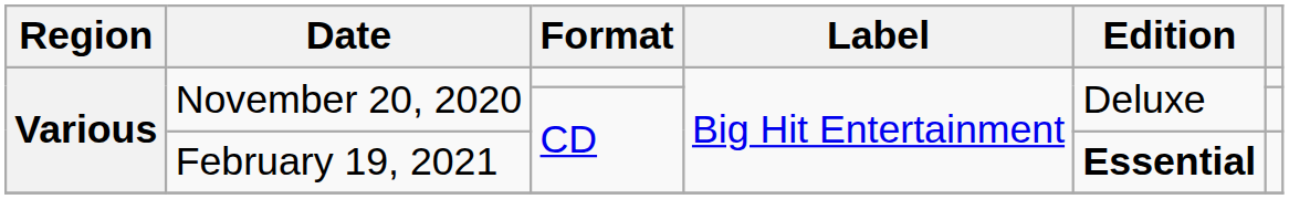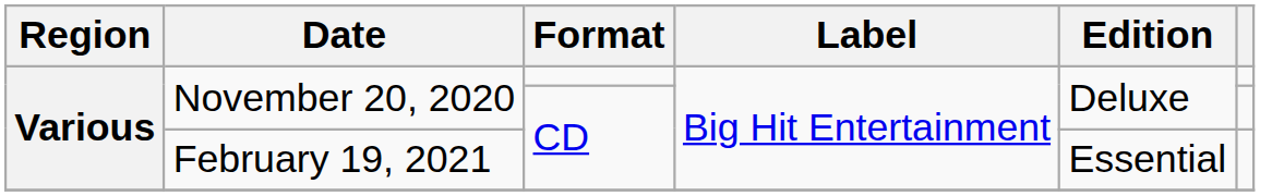 <table class="wikitable plainrowheaders">
 <tr>
 <th>Region</th>
 <th>Date</th>
 <th>Format</th>
 <th>Label</th>
 <th>Edition</th>
 <th></th>
 </tr>
 <tr>
 <th scope="row" rowspan="3">Various</th>
 <td rowspan="2">November 20, 2020</td>
 <td></td>
 <td rowspan="3"><a href='#'>Big Hit Entertainment</a></td>
 <td rowspan="2">Deluxe</td>
 <td style="text-align:center;"></td>
 </tr>
 <tr>
 <td rowspan="2"><a href='#'>CD</a></td>
 <td style="text-align:center;"></td>
 </tr>
 <tr>
 <td>February 19, 2021</td>
-<td><strong>Essential</strong></td>
+<td>Essential</td>
 <td style="text-align:center;"></td>
 </tr>
 <tr>
 </tr>
 </table>
